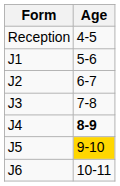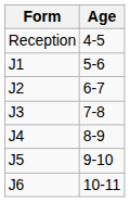 <table class="wikitable">
 <tr>
 <th>Form</th>
 <th>Age</th>
 </tr>
 <tr>
 <td>Reception</td>
 <td>4-5</td>
 </tr>
 <tr>
 <td>J1</td>
 <td>5-6</td>
 </tr>
 <tr>
 <td>J2</td>
 <td>6-7</td>
 </tr>
 <tr>
 <td>J3</td>
 <td>7-8</td>
 </tr>
 <tr>
 <td>J4</td>
-<td><strong>8-9</strong></td>
+<td>8-9</td>
 </tr>
 <tr>
 <td>J5</td>
-<td style="background: gold;">9-10</td>
+<td>9-10</td>
 </tr>
 <tr>
 <td>J6</td>
 <td>10-11</td>
 </tr>
 </table>
